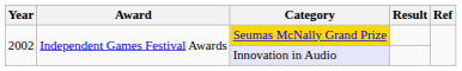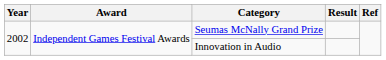 <table class="wikitable sortable">
 <tr>
 <th>Year</th>
 <th>Award</th>
 <th>Category</th>
 <th>Result</th>
 <th>Ref</th>
 </tr>
 <tr>
 <td style="text-align:center;" rowspan="2">2002</td>
 <td rowspan="2"><a href='#'>Independent Games Festival</a> Awards</td>
-<td style="background: gold;"><a href='#'>Seumas McNally Grand Prize</a></td>
+<td><a href='#'>Seumas McNally Grand Prize</a></td>
 <td></td>
 <td rowspan="3" style="text-align:center;"></td>
 </tr>
 <tr>
-<td style="background: lavender;">Innovation in Audio</td>
+<td>Innovation in Audio</td>
 <td></td>
 </tr>
 </table>
